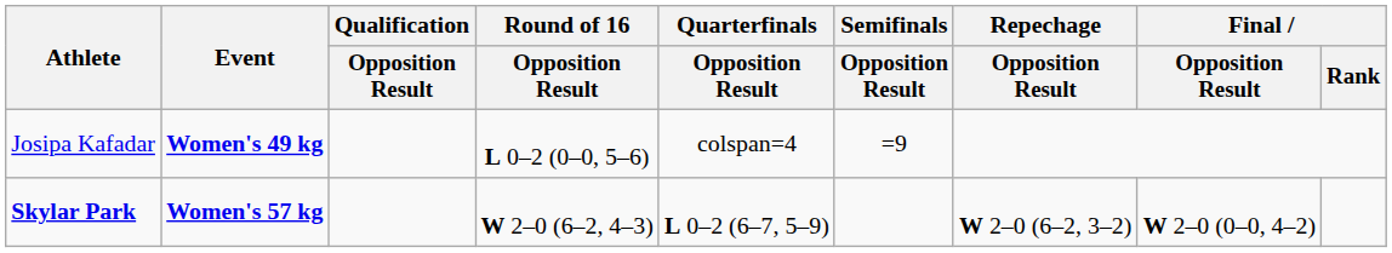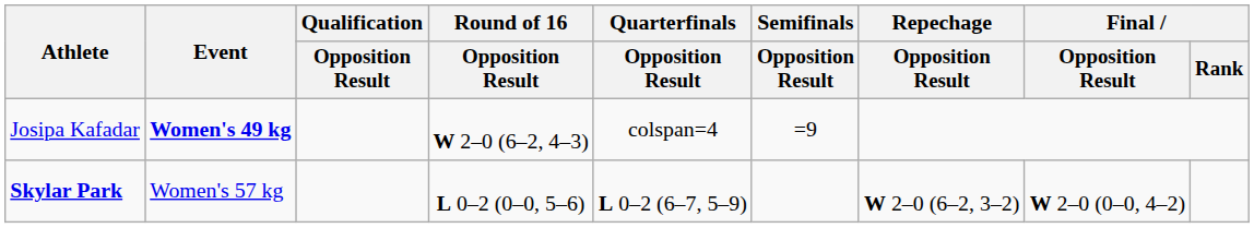 <table class=wikitable style=font-size:90%;text-align:center>
 <tr>
 <th rowspan=2>Athlete</th>
 <th rowspan=2>Event</th>
 <th>Qualification</th>
 <th>Round of 16</th>
 <th>Quarterfinals</th>
 <th>Semifinals</th>
 <th>Repechage</th>
 <th colspan=2>Final / </th>
 </tr>
 <tr style=font-size:95%>
 <th>Opposition<br>Result</th>
 <th>Opposition<br>Result</th>
 <th>Opposition<br>Result</th>
 <th>Opposition<br>Result</th>
 <th>Opposition<br>Result</th>
 <th>Opposition<br>Result</th>
 <th>Rank</th>
 </tr>
 <tr>
 <td align=left><a href='#'>Josipa Kafadar</a></td>
 <td align=left><strong><a href='#'>Women's 49 kg</a></strong></td>
 <td></td>
-<td><br><strong>L</strong> 0–2 (0–0, 5–6)</td>
+<td><br><strong>W</strong> 2–0 (6–2, 4–3)</td>
 <td>colspan=4 </td>
 <td>=9</td>
 </tr>
 <tr>
 <td align=left><strong><a href='#'>Skylar Park</a></strong></td>
-<td align=left><strong><a href='#'>Women's 57 kg</a></strong></td>
+<td align=left><a href='#'>Women's 57 kg</a></td>
 <td></td>
-<td><br><strong>W</strong> 2–0 (6–2, 4–3)</td>
+<td><br><strong>L</strong> 0–2 (0–0, 5–6)</td>
 <td><br><strong>L</strong> 0–2 (6–7, 5–9)</td>
 <td></td>
 <td><br><strong>W</strong> 2–0 (6–2, 3–2)</td>
 <td><br><strong>W</strong> 2–0 (0–0, 4–2)</td>
 <td></td>
 </tr>
 </table>
